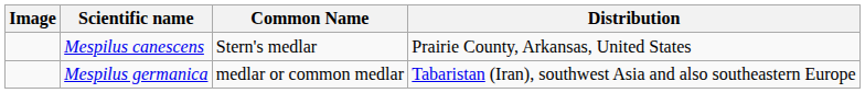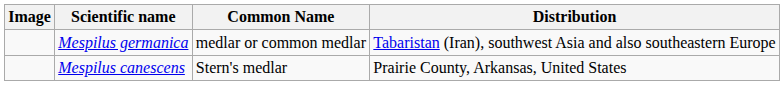 <table class="wikitable">
 <tr>
 <th>Image</th>
 <th>Scientific name</th>
 <th>Common Name</th>
 <th>Distribution</th>
 </tr>
 <tr>
 <td></td>
+<td><em><a href='#'>Mespilus germanica</a></em></td>
+<td>medlar or common medlar</td>
+<td><a href='#'>Tabaristan</a> (Iran), southwest Asia and also southeastern Europe</td>
+</tr>
+<tr>
+<td></td>
 <td><em><a href='#'>Mespilus canescens</a></em></td>
 <td>Stern's medlar</td>
 <td>Prairie County, Arkansas, United States</td>
 </tr>
 <tr>
-<td></td>
-<td><em><a href='#'>Mespilus germanica</a></em></td>
-<td>medlar or common medlar</td>
-<td><a href='#'>Tabaristan</a> (Iran), southwest Asia and also southeastern Europe</td>
-</tr>
-<tr>
 </tr>
 </table>
